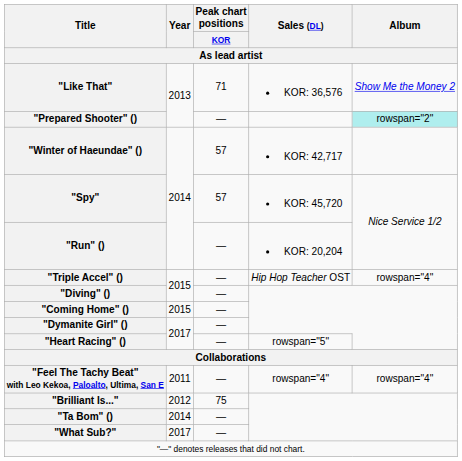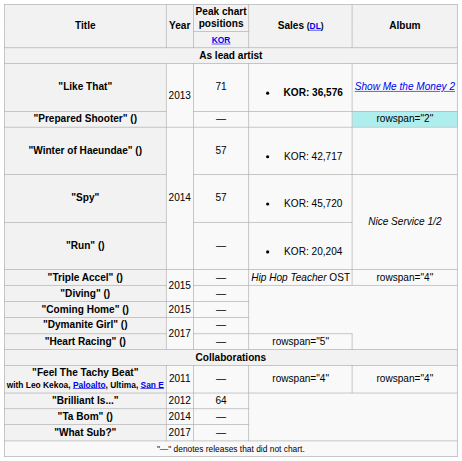 <table class="wikitable plainrowheaders" style="text-align:center;">
 <tr>
 <th scope="col" rowspan="2">Title</th>
 <th scope="col" rowspan="2">Year</th>
 <th scope="col" colspan="1">Peak chart <br> positions</th>
 <th scope="col" rowspan="2">Sales <small>(<a href='#'>DL</a>)</small></th>
 <th scope="col" rowspan="2">Album</th>
 </tr>
 <tr>
 <th><small><a href='#'>KOR</a></small><br></th>
 </tr>
 <tr>
 <th scope="col" colspan="5">As lead artist</th>
 </tr>
 <tr>
 <th scope="row">"Like That"</th>
 <td rowspan="2">2013</td>
 <td>71</td>
-<td><br><ul><li>KOR: 36,576</li></ul></td>
+<td><strong><br><ul><li>KOR: 36,576</li></ul></strong></td>
 <td><em><a href='#'>Show Me the Money 2</a></em></td>
 </tr>
 <tr>
 <th scope="row">"Prepared Shooter" ()<br></th>
 <td>—</td>
 <td></td>
 <td style="background: paleturquoise;">rowspan="2" </td>
 </tr>
 <tr>
 <th scope="row">"Winter of Haeundae" ()<br></th>
 <td rowspan="3">2014</td>
 <td>57</td>
 <td><br><ul><li>KOR: 42,717</li></ul></td>
 </tr>
 <tr>
 <th scope="row">"Spy"<br></th>
 <td>57</td>
 <td><br><ul><li>KOR: 45,720</li></ul></td>
 <td rowspan="2"><em>Nice Service 1/2</em></td>
 </tr>
 <tr>
 <th scope="row">"Run" ()</th>
 <td>—</td>
 <td><br><ul><li>KOR: 20,204</li></ul></td>
 </tr>
 <tr>
 <th scope="row">"Triple Accel" ()<br></th>
 <td rowspan="2">2015</td>
 <td>—</td>
 <td><em>Hip Hop Teacher</em> OST</td>
 <td>rowspan="4" </td>
 </tr>
 <tr>
 <th scope="row">"Diving" ()</th>
 <td>—</td>
 </tr>
 <tr>
 <th scope="row">"Coming Home" ()<br></th>
 <td>2015</td>
 <td>—</td>
 </tr>
 <tr>
 <th scope="row">"Dymanite Girl" ()</th>
 <td rowspan="2">2017</td>
 <td>—</td>
 </tr>
 <tr>
 <th scope="row">"Heart Racing" ()<br></th>
 <td>—</td>
 <td>rowspan="5" </td>
 </tr>
 <tr>
 <th scope="col" colspan="5">Collaborations</th>
 </tr>
 <tr>
 <th scope="row">"Feel The Tachy Beat" <br><small>with Leo Kekoa, <a href='#'>Paloalto</a>, Ultima, <a href='#'>San E</a></small></th>
 <td>2011</td>
 <td>—</td>
 <td>rowspan="4" </td>
 <td>rowspan="4" </td>
 </tr>
 <tr>
 <th scope="row">"Brilliant Is..."<br></th>
 <td>2012</td>
-<td>75</td>
+<td>64</td>
 </tr>
 <tr>
 <th scope="row">"Ta Bom" ()<br></th>
 <td>2014</td>
 <td>—</td>
 </tr>
 <tr>
 <th scope="row">"What Sub?"<br></th>
 <td>2017</td>
 <td>—</td>
 </tr>
 <tr>
 <td colspan="5" align="center"><small>"—" denotes releases that did not chart.</small></td>
 </tr>
 </table>
